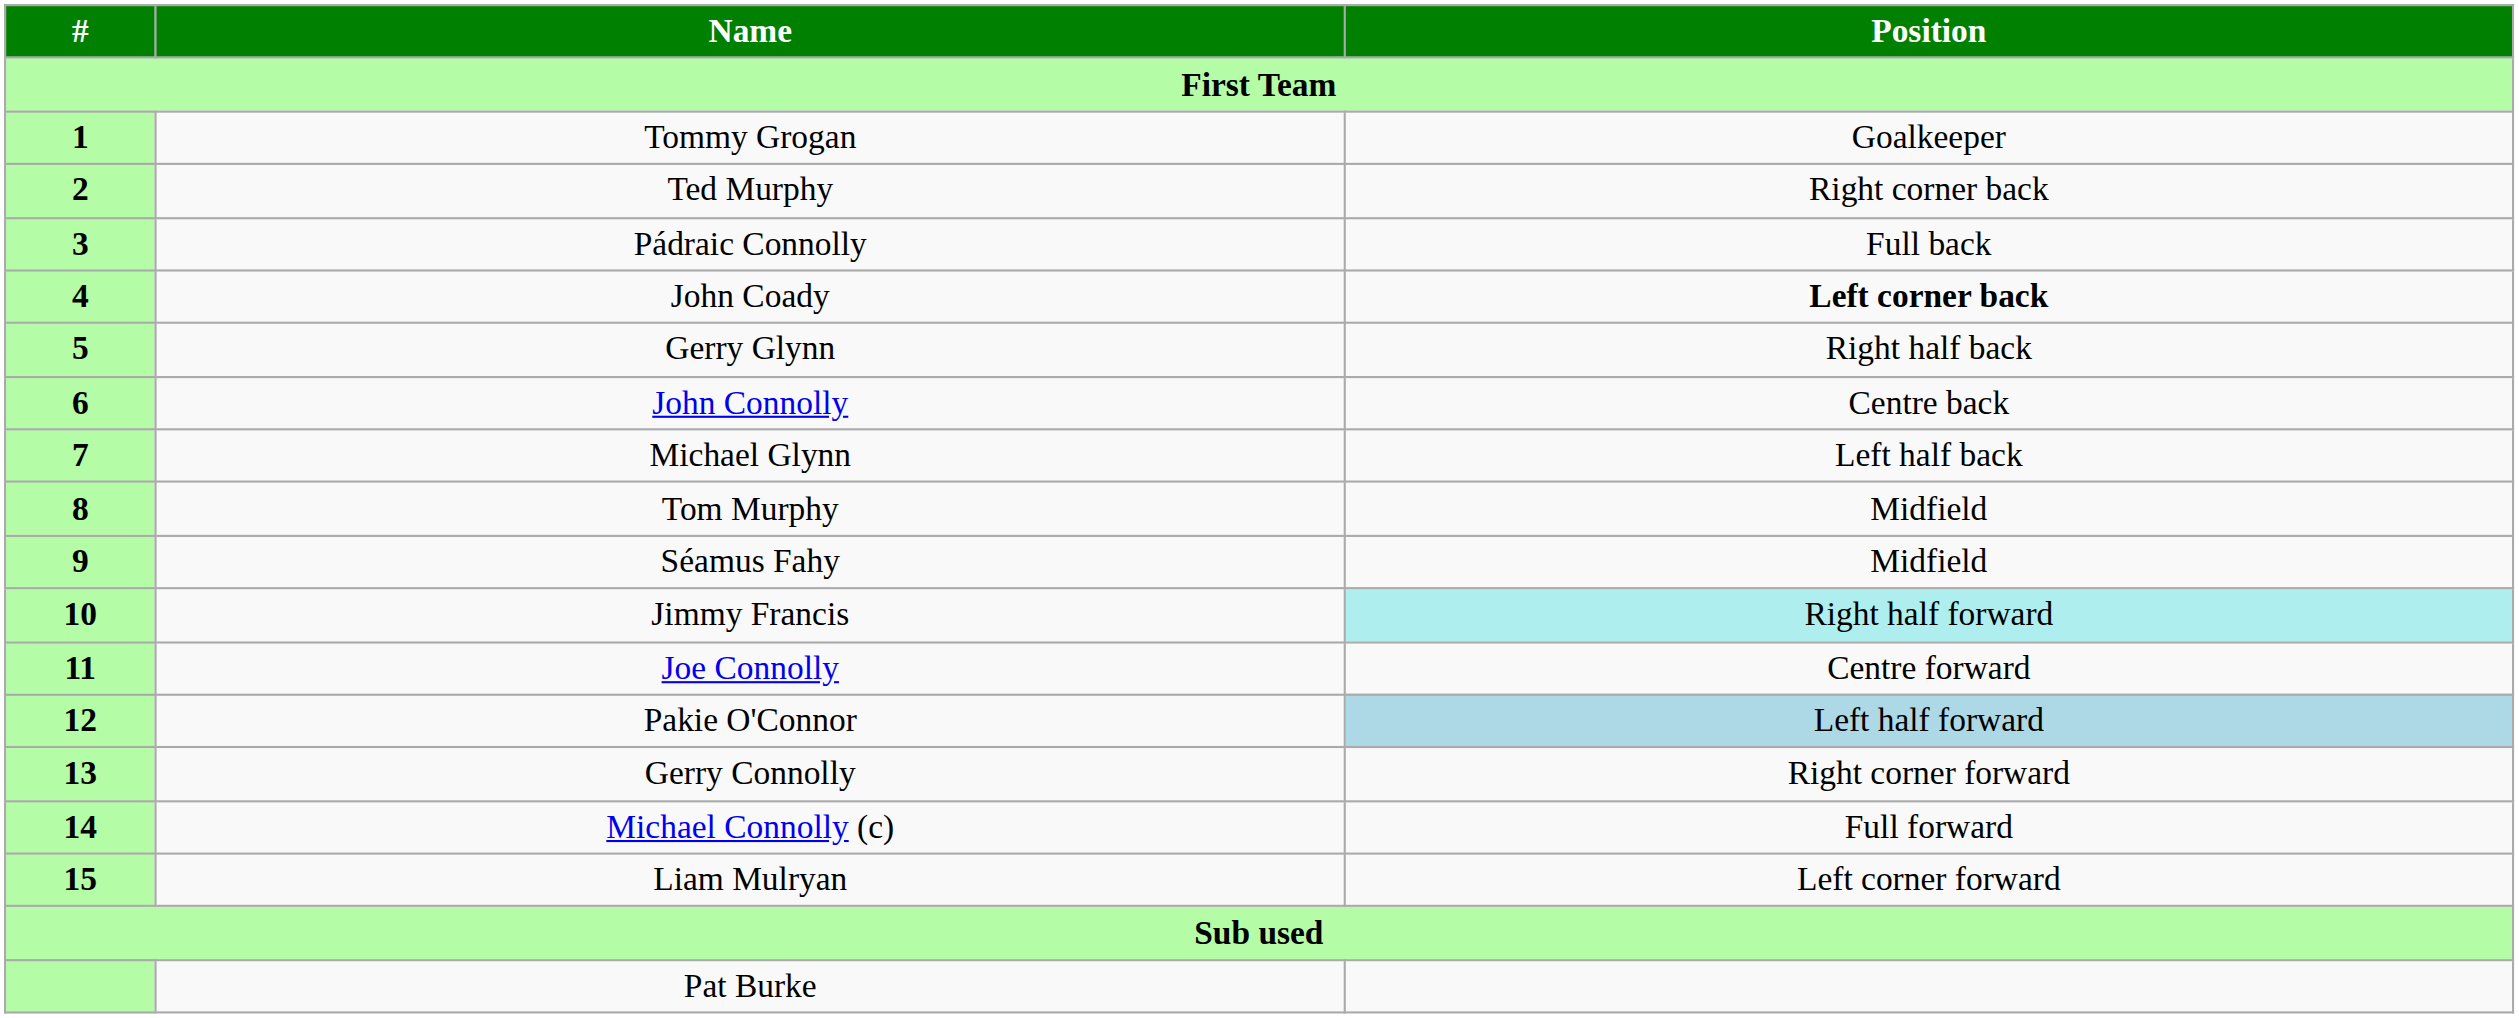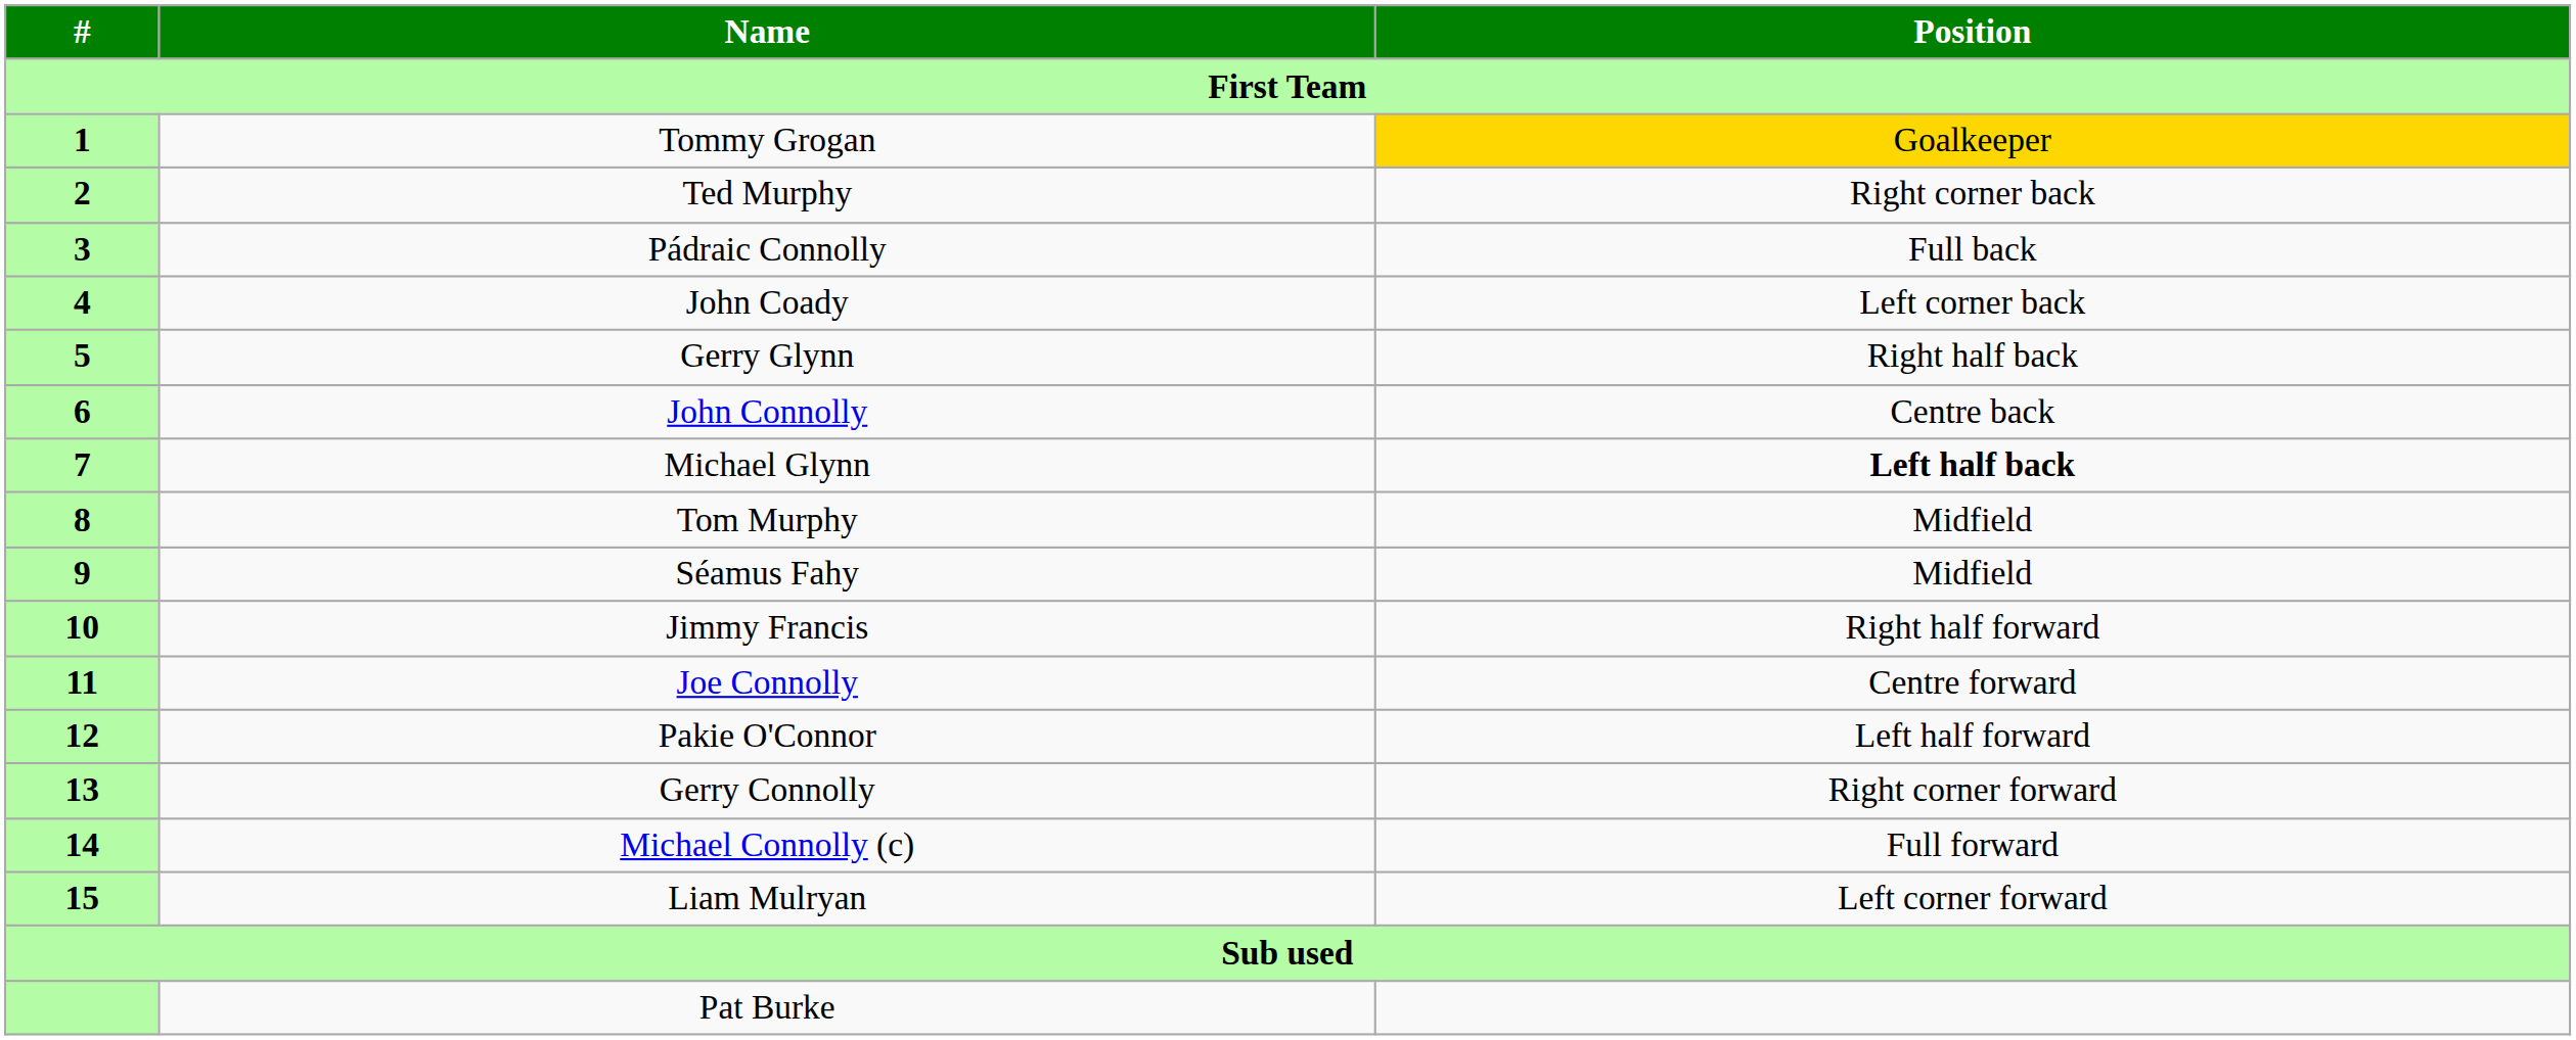 <table class="wikitable" width="95%">
 <tr style="text-align:center;background:green;color:white;">
 <td width="6%"><strong>#</strong></td>
 <td><strong>Name</strong></td>
 <td><strong>Position</strong></td>
 </tr>
 <tr style="text-align:center;background:#B4FCA6;">
 <td colspan="5"><strong>First Team</strong></td>
 </tr>
 <tr style="text-align:center;">
 <td style="background:#B4FCA6;"><strong>1</strong></td>
 <td>Tommy Grogan</td>
-<td>Goalkeeper</td>
+<td style="background: gold;">Goalkeeper</td>
 </tr>
 <tr style="text-align:center;">
 <td style="background:#B4FCA6;"><strong>2</strong></td>
 <td>Ted Murphy</td>
 <td>Right corner back</td>
 </tr>
 <tr style="text-align:center;">
 <td style="background:#B4FCA6;"><strong>3</strong></td>
 <td>Pádraic Connolly</td>
 <td>Full back</td>
 </tr>
 <tr style="text-align:center;">
 <td style="background:#B4FCA6;"><strong>4</strong></td>
 <td>John Coady</td>
-<td><strong>Left corner back</strong></td>
+<td>Left corner back</td>
 </tr>
 <tr style="text-align:center;">
 <td style="background:#B4FCA6;"><strong>5</strong></td>
 <td>Gerry Glynn</td>
 <td>Right half back</td>
 </tr>
 <tr style="text-align:center;">
 <td style="background:#B4FCA6;"><strong>6</strong></td>
 <td><a href='#'>John Connolly</a></td>
 <td>Centre back</td>
 </tr>
 <tr style="text-align:center;">
 <td style="background:#B4FCA6;"><strong>7</strong></td>
 <td>Michael Glynn</td>
-<td>Left half back</td>
+<td><strong>Left half back</strong></td>
 </tr>
 <tr style="text-align:center;">
 <td style="background:#B4FCA6;"><strong>8</strong></td>
 <td>Tom Murphy</td>
 <td>Midfield</td>
 </tr>
 <tr style="text-align:center;">
 <td style="background:#B4FCA6;"><strong>9</strong></td>
 <td>Séamus Fahy</td>
 <td>Midfield</td>
 </tr>
 <tr style="text-align:center;">
 <td style="background:#B4FCA6;"><strong>10</strong></td>
 <td>Jimmy Francis</td>
-<td style="background: paleturquoise;">Right half forward</td>
+<td>Right half forward</td>
 </tr>
 <tr style="text-align:center;">
 <td style="background:#B4FCA6;"><strong>11</strong></td>
 <td><a href='#'>Joe Connolly</a></td>
 <td>Centre forward</td>
 </tr>
 <tr style="text-align:center;">
 <td style="background:#B4FCA6;"><strong>12</strong></td>
 <td>Pakie O'Connor</td>
-<td style="background: lightblue;">Left half forward</td>
+<td>Left half forward</td>
 </tr>
 <tr style="text-align:center;">
 <td style="background:#B4FCA6;"><strong>13</strong></td>
 <td>Gerry Connolly</td>
 <td>Right corner forward</td>
 </tr>
 <tr style="text-align:center;">
 <td style="background:#B4FCA6;"><strong>14</strong></td>
 <td><a href='#'>Michael Connolly</a> (c)</td>
 <td>Full forward</td>
 </tr>
 <tr style="text-align:center;">
 <td style="background:#B4FCA6;"><strong>15</strong></td>
 <td>Liam Mulryan</td>
 <td>Left corner forward</td>
 </tr>
 <tr style="text-align:center;background:#B4FCA6;">
 <td colspan="5"><strong>Sub used</strong></td>
 </tr>
 <tr style="text-align:center;">
 <td style="background:#B4FCA6;"></td>
 <td>Pat Burke</td>
 </tr>
 </table>
